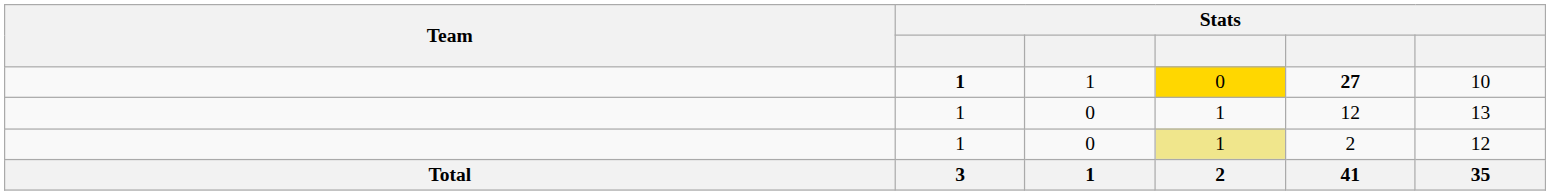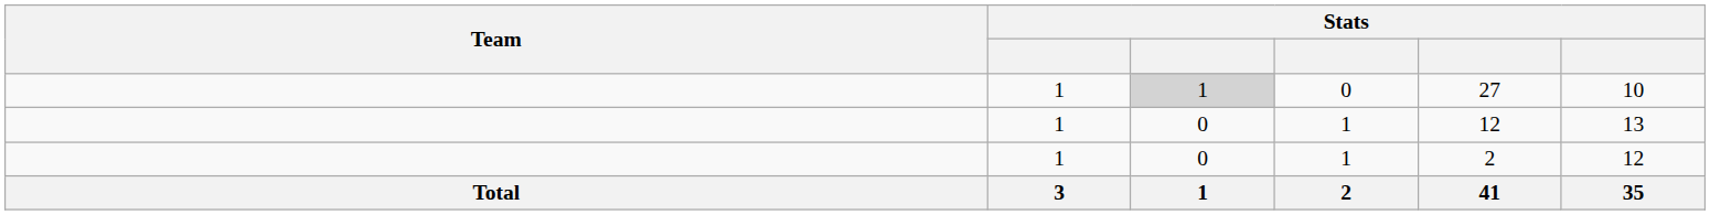 <table class="wikitable"width=100% style="text-align: center;font-size:100%;">
 <tr>
 <th rowspan="2" style="width:180px;">Team<br></th>
 <th colspan=5>Stats</th>
 </tr>
 <tr>
 <th width=20><br></th>
 <th width=20><br></th>
 <th width=20><br></th>
 <th width=20><br></th>
 <th width=20><br></th>
 </tr>
 <tr style="text-align:center;">
 <td style="text-align:left;"></td>
-<td><strong>1</strong></td>
 <td>1</td>
-<td style="background: gold;">0</td>
-<td><strong>27</strong></td>
+<td style="background: lightgrey;">1</td>
+<td>0</td>
+<td>27</td>
 <td>10</td>
 </tr>
 <tr style="text-align:center;">
 <td style="text-align:left;"></td>
 <td>1</td>
 <td>0</td>
 <td>1</td>
 <td>12</td>
 <td>13</td>
 </tr>
 <tr style="text-align:center;">
 <td style="text-align:left;"></td>
 <td>1</td>
 <td>0</td>
-<td style="background: khaki;">1</td>
+<td>1</td>
 <td>2</td>
 <td>12</td>
 </tr>
 <tr class="sortbottom">
 <th>Total</th>
 <th align=center>3</th>
 <th align=center>1</th>
 <th align=center>2</th>
 <th align=center>41</th>
 <th align=center>35</th>
 </tr>
 </table>
